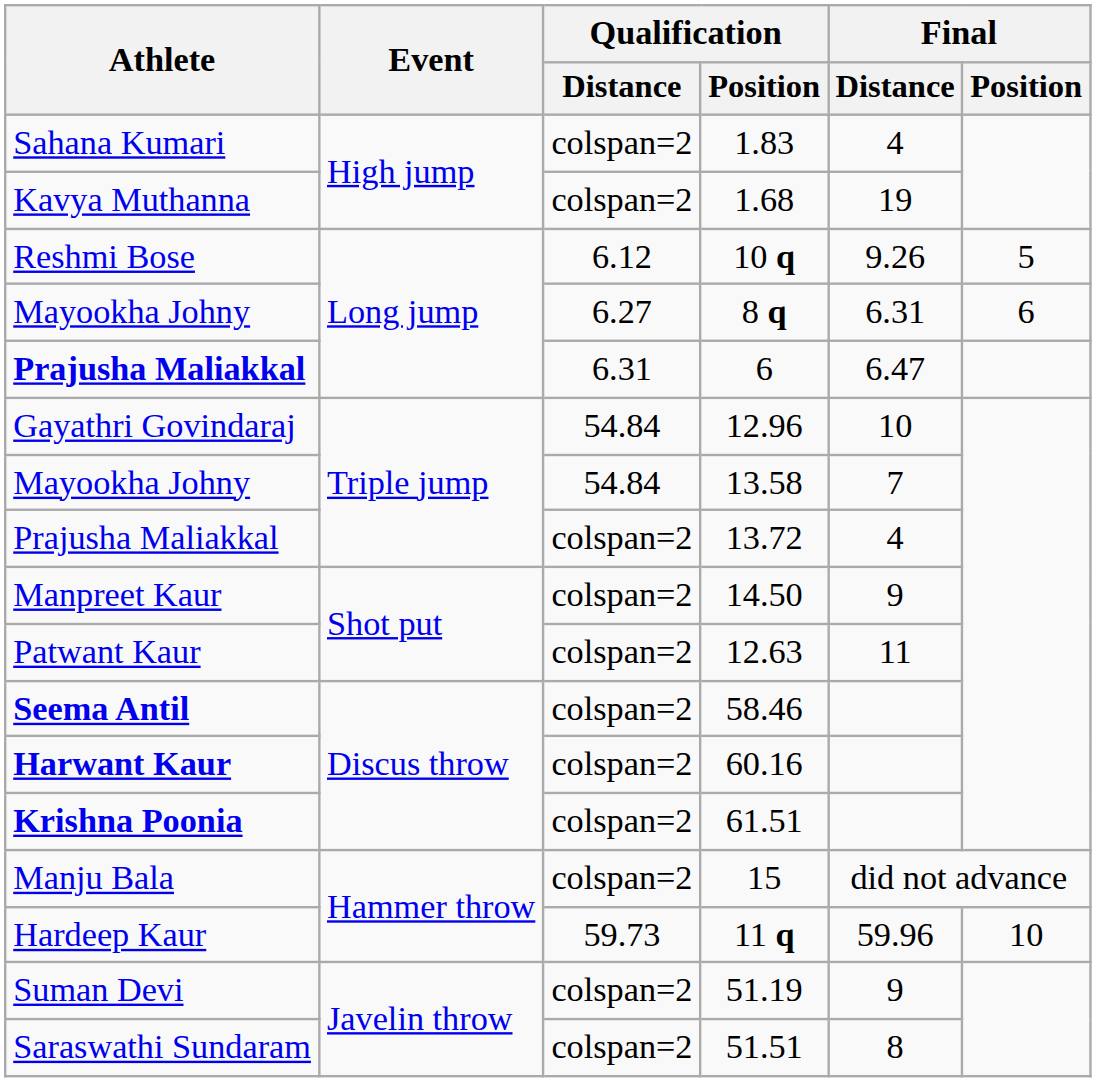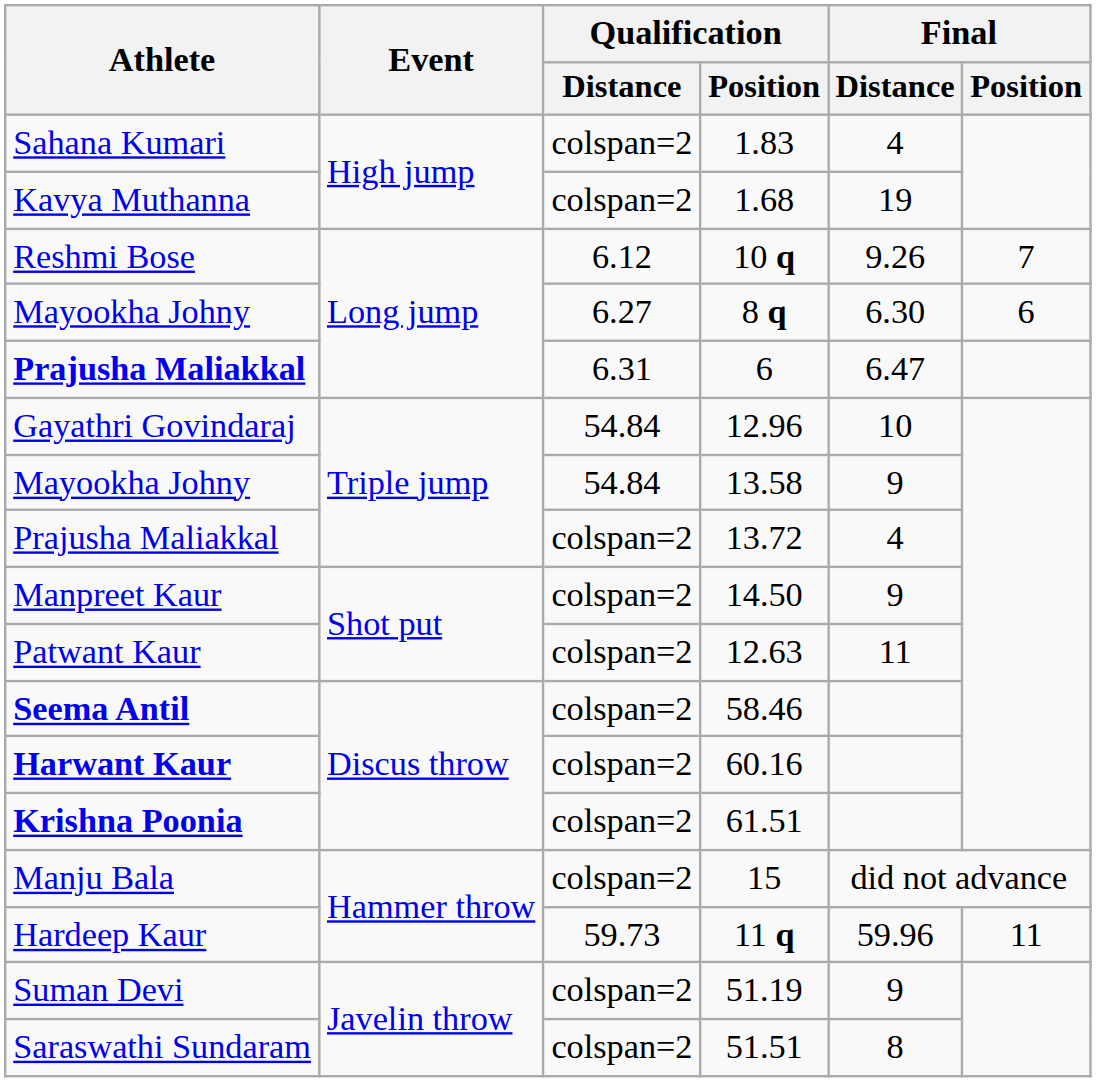 <table class=wikitable style="font-size:90%">
 <tr>
 <th rowspan="2">Athlete</th>
 <th rowspan="2">Event</th>
 <th colspan="2">Qualification</th>
 <th colspan="2">Final</th>
 </tr>
 <tr style="font-size:95%">
 <th>Distance</th>
 <th>Position</th>
 <th>Distance</th>
 <th>Position</th>
 </tr>
 <tr align=center>
 <td align=left><a href='#'>Sahana Kumari</a></td>
 <td align=left rowspan=2><a href='#'>High jump</a></td>
 <td>colspan=2 </td>
 <td>1.83</td>
 <td>4</td>
 </tr>
 <tr align=center>
 <td align=left><a href='#'>Kavya Muthanna</a></td>
 <td>colspan=2 </td>
 <td>1.68</td>
 <td>19</td>
 </tr>
 <tr align=center>
 <td align=left><a href='#'>Reshmi Bose</a></td>
 <td align=left rowspan=3><a href='#'>Long jump</a></td>
 <td>6.12</td>
 <td>10 <strong>q</strong></td>
 <td>9.26</td>
-<td>5</td>
+<td>7</td>
 </tr>
 <tr align=center>
 <td align=left><a href='#'>Mayookha Johny</a></td>
 <td>6.27</td>
 <td>8 <strong>q</strong></td>
-<td>6.31</td>
+<td>6.30</td>
 <td>6</td>
 </tr>
 <tr align=center>
 <td align=left><strong><a href='#'>Prajusha Maliakkal</a></strong></td>
 <td>6.31</td>
 <td>6</td>
 <td>6.47</td>
 <td></td>
 </tr>
 <tr align=center>
 <td align=left><a href='#'>Gayathri Govindaraj</a></td>
 <td align=left rowspan=3><a href='#'>Triple jump</a></td>
 <td>54.84</td>
 <td>12.96</td>
 <td>10</td>
 </tr>
 <tr align=center>
 <td align=left><a href='#'>Mayookha Johny</a></td>
 <td>54.84</td>
 <td>13.58</td>
-<td>7</td>
+<td>9</td>
 </tr>
 <tr align=center>
 <td align=left><a href='#'>Prajusha Maliakkal</a></td>
 <td>colspan=2 </td>
 <td>13.72</td>
 <td>4</td>
 </tr>
 <tr align=center>
 <td align=left><a href='#'>Manpreet Kaur</a></td>
 <td align=left rowspan=2><a href='#'>Shot put</a></td>
 <td>colspan=2 </td>
 <td>14.50</td>
 <td>9</td>
 </tr>
 <tr align=center>
 <td align=left><a href='#'>Patwant Kaur</a></td>
 <td>colspan=2 </td>
 <td>12.63</td>
 <td>11</td>
 </tr>
 <tr align=center>
 <td align=left><strong><a href='#'>Seema Antil</a></strong></td>
 <td align=left rowspan=3><a href='#'>Discus throw</a></td>
 <td>colspan=2 </td>
 <td>58.46</td>
 <td></td>
 </tr>
 <tr align=center>
 <td align=left><strong><a href='#'>Harwant Kaur</a></strong></td>
 <td>colspan=2 </td>
 <td>60.16</td>
 <td></td>
 </tr>
 <tr align=center>
 <td align=left><strong><a href='#'>Krishna Poonia</a></strong></td>
 <td>colspan=2 </td>
 <td>61.51</td>
 <td></td>
 </tr>
 <tr align=center>
 <td align=left><a href='#'>Manju Bala</a></td>
 <td align=left rowspan=2><a href='#'>Hammer throw</a></td>
 <td>colspan=2 </td>
 <td>15</td>
 <td colspan=2>did not advance</td>
 </tr>
 <tr align=center>
 <td align=left><a href='#'>Hardeep Kaur</a></td>
 <td>59.73</td>
 <td>11 <strong>q</strong></td>
 <td>59.96</td>
-<td>10</td>
+<td>11</td>
 </tr>
 <tr align=center>
 <td align=left><a href='#'>Suman Devi</a></td>
 <td align=left rowspan=2><a href='#'>Javelin throw</a></td>
 <td>colspan=2 </td>
 <td>51.19</td>
 <td>9</td>
 </tr>
 <tr align=center>
 <td align=left><a href='#'>Saraswathi Sundaram</a></td>
 <td>colspan=2 </td>
 <td>51.51</td>
 <td>8</td>
 </tr>
 </table>
